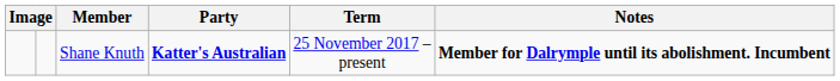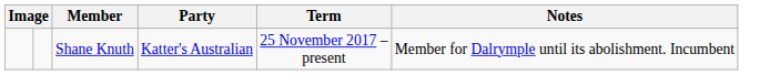 <table class=wikitable style="text-align:center">
 <tr>
 <th colspan=2>Image</th>
 <th>Member</th>
 <th>Party</th>
 <th>Term</th>
 <th>Notes</th>
 </tr>
 <tr>
 <td> </td>
 <td></td>
 <td><a href='#'>Shane Knuth</a></td>
-<td><strong><a href='#'>Katter's Australian</a></strong></td>
+<td><a href='#'>Katter's Australian</a></td>
 <td><a href='#'>25 November 2017</a> –<br>present</td>
-<td><strong>Member for <a href='#'>Dalrymple</a> until its abolishment. Incumbent</strong></td>
+<td>Member for <a href='#'>Dalrymple</a> until its abolishment. Incumbent</td>
 </tr>
 </table>
